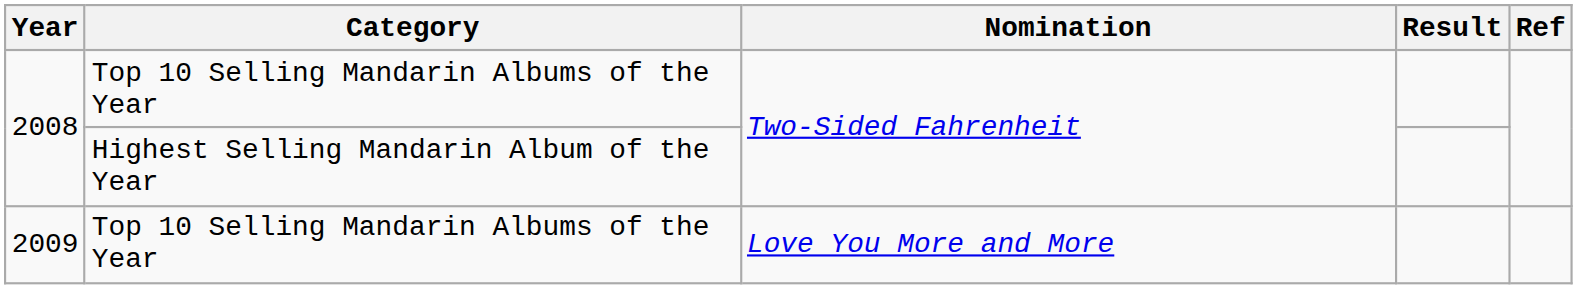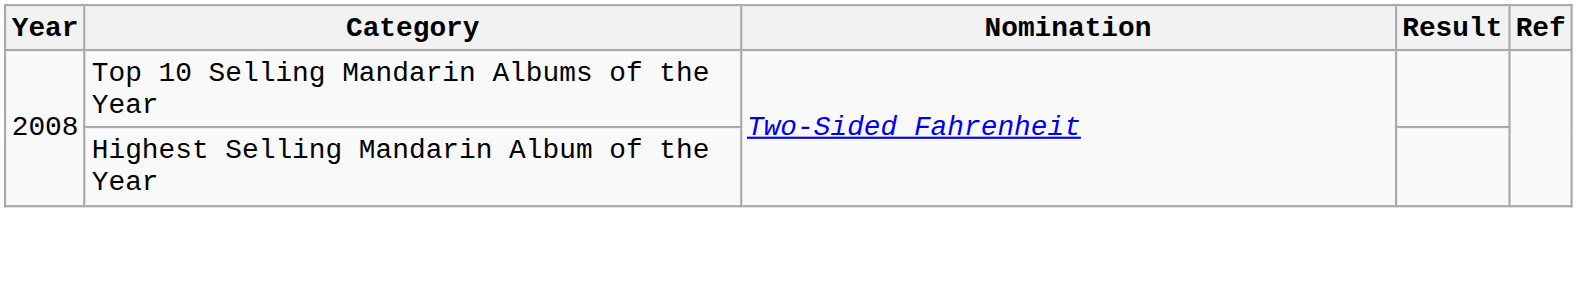 <table class="wikitable">
 <tr>
 <th>Year</th>
 <th width="300">Category</th>
 <th width="300">Nomination</th>
 <th>Result</th>
 <th>Ref</th>
 </tr>
 <tr>
 <td rowspan="2">2008</td>
 <td>Top 10 Selling Mandarin Albums of the Year</td>
 <td rowspan="2"><em><a href='#'>Two-Sided Fahrenheit</a></em></td>
 <td></td>
 <td rowspan="2" align="center"></td>
 </tr>
 <tr>
 <td>Highest Selling Mandarin Album of the Year</td>
 <td></td>
 </tr>
-<tr>
-<td>2009</td>
-<td>Top 10 Selling Mandarin Albums of the Year</td>
-<td><em><a href='#'>Love You More and More</a></em></td>
-<td></td>
-<td align="center"></td>
-</tr>
 </table>
